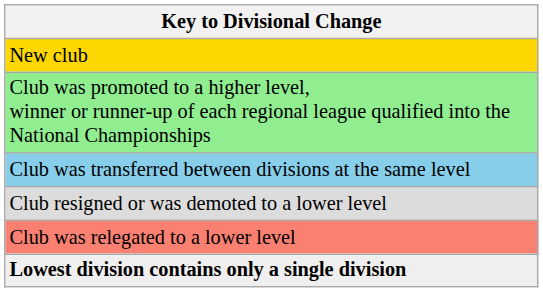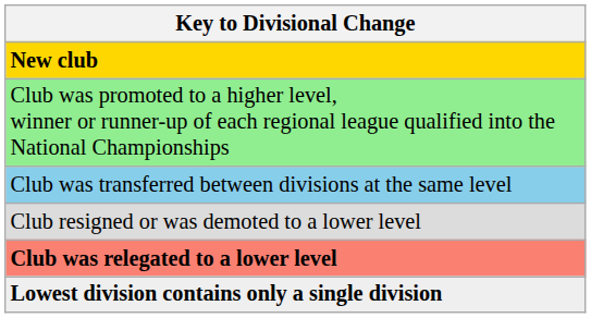 <table class="wikitable" width=30% style="font-size:90%">
 <tr>
 <th width=100%><strong>Key to Divisional Change</strong></th>
 </tr>
 <tr>
-<td style="background:gold">New club</td>
+<td style="background:gold"><strong>New club</strong></td>
 </tr>
 <tr>
 <td style="background:lightgreen">Club was promoted to a higher level,<br>winner or runner-up of each regional league qualified into the National Championships</td>
 </tr>
 <tr>
 <td style="background:skyblue">Club was transferred between divisions at the same level</td>
 </tr>
 <tr>
 <td style="background:gainsboro">Club resigned or was demoted to a lower level</td>
 </tr>
 <tr>
-<td style="background:salmon">Club was relegated to a lower level</td>
+<td style="background:salmon"><strong>Club was relegated to a lower level</strong></td>
 </tr>
 <tr>
 <td bgcolor=#EFEFEF><strong>Lowest division contains only a single division</strong></td>
 </tr>
 </table>
